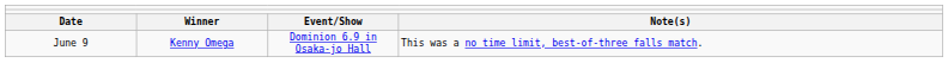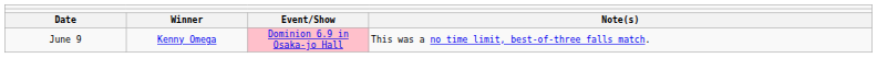 <table class="wikitable" style="text-align:center; width:100%;">
 <tr>
 <td colspan="5"></td>
 </tr>
 <tr>
 <td colspan="5"><strong></strong></td>
 </tr>
 <tr>
 <th width=14%>Date</th>
 <th width=14%>Winner</th>
 <th width=14%>Event/Show</th>
 <th width=58%>Note(s)</th>
 </tr>
 <tr>
 <td>June 9</td>
 <td><a href='#'>Kenny Omega</a></td>
-<td><a href='#'>Dominion 6.9 in Osaka-jo Hall</a></td>
+<td style="background: pink;"><a href='#'>Dominion 6.9 in Osaka-jo Hall</a></td>
 <td align=left>This was a <a href='#'>no time limit, best-of-three falls match</a>.</td>
 </tr>
 </table>
